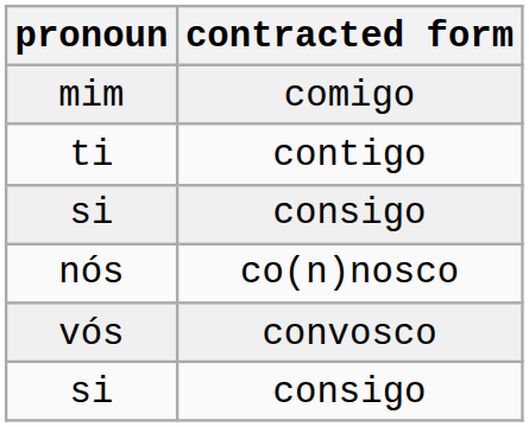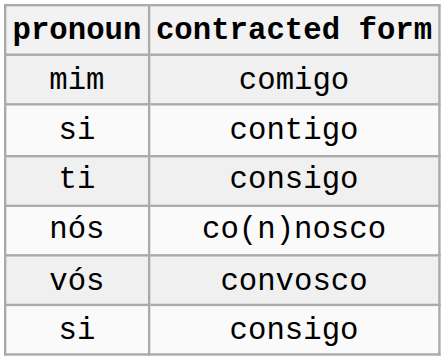 <table class="wikitable" style="text-align: center">
 <tr>
 <th>pronoun</th>
 <th>contracted form</th>
 </tr>
 <tr style="background-color: #f0f0f0;">
 <td>mim</td>
 <td>comigo</td>
 </tr>
 <tr style="background-color: #fafafa;">
-<td>ti</td>
+<td>si</td>
 <td>contigo</td>
 </tr>
 <tr style="background-color: #f0f0f0;">
-<td>si</td>
+<td>ti</td>
 <td>consigo</td>
 </tr>
 <tr style="background-color: #fafafa;">
 <td>nós</td>
 <td>co(n)nosco</td>
 </tr>
 <tr style="background-color: #f0f0f0;">
 <td>vós</td>
 <td>convosco</td>
 </tr>
 <tr style="background-color: #fafafa;">
 <td>si</td>
 <td>consigo</td>
 </tr>
 </table>
